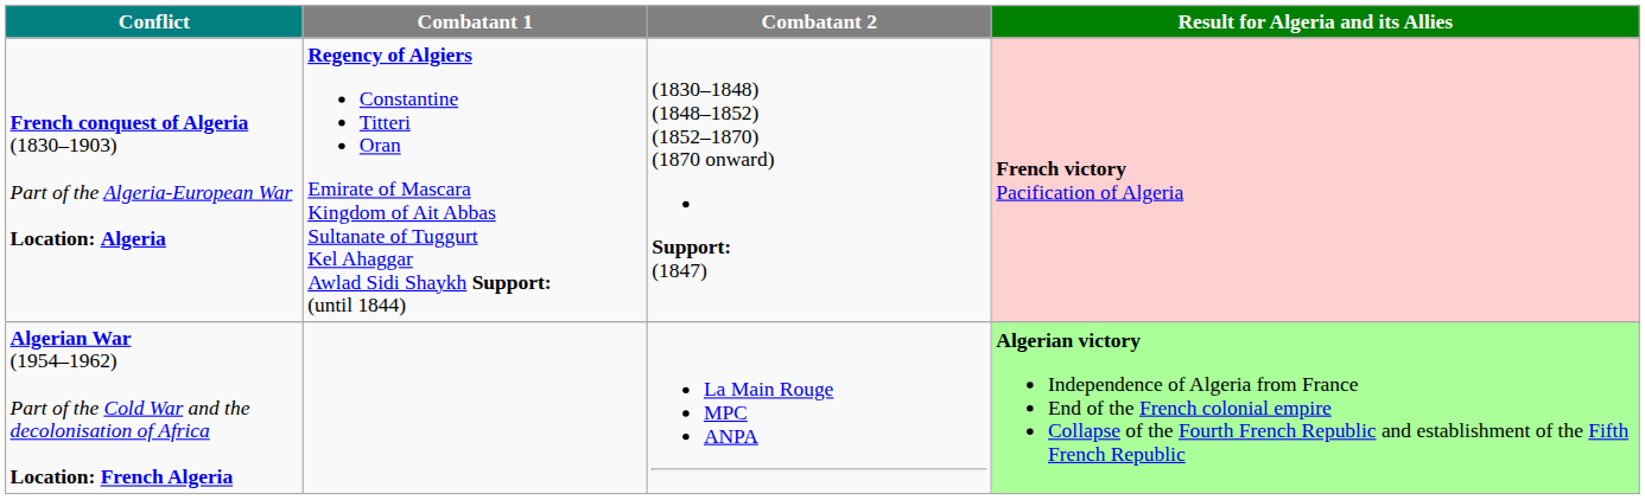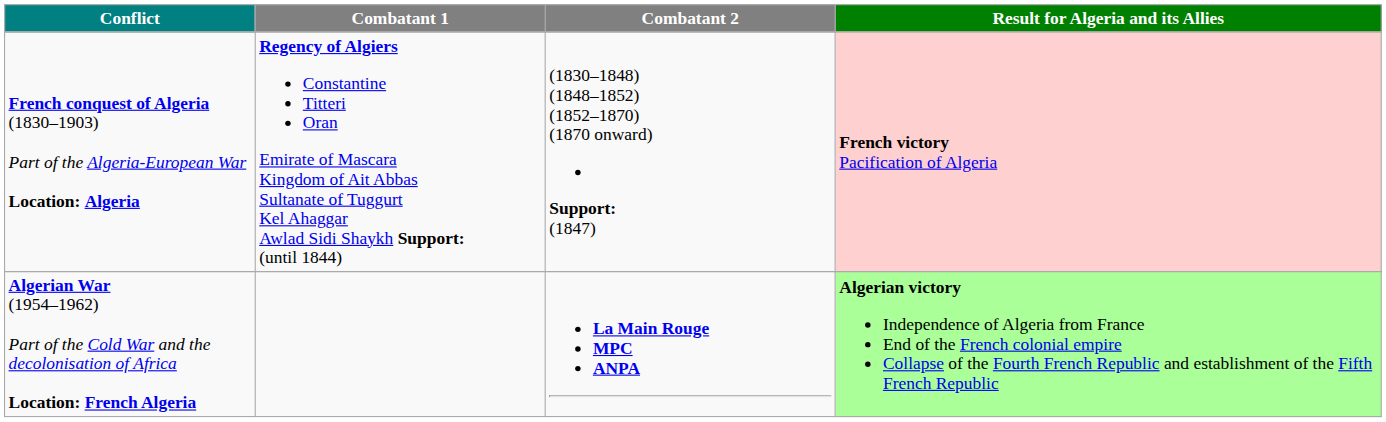 <table class="wikitable sortable" width="100%">
 <tr style="color: white">
 <th style="background:Teal" width="120">Conflict</th>
 <th style="background:gray" width="140">Combatant 1</th>
 <th style="background:gray" width="140">Combatant 2</th>
 <th style="background:green" width="270">Result for Algeria and its Allies</th>
 </tr>
 <tr valign="top">
 </tr>
 <tr>
 <td><strong><a href='#'>French conquest of Algeria</a></strong><br>(1830–1903)<br><br><em>Part of the <a href='#'>Algeria-European War</a></em><br><br><strong>Location:</strong> <strong><a href='#'>Algeria</a></strong><br></td>
 <td><strong> <a href='#'>Regency of Algiers</a></strong><br><ul><li> <a href='#'>Constantine</a></li><li><a href='#'>Titteri</a></li><li><a href='#'>Oran</a></li></ul> <a href='#'>Emirate of Mascara</a><br>  <a href='#'>Kingdom of Ait Abbas</a><br> <a href='#'>Sultanate of Tuggurt</a><br><a href='#'>Kel Ahaggar</a><br> <a href='#'>Awlad Sidi Shaykh</a> <strong>Support:</strong><br> (until 1844)</td>
 <td> (1830–1848)<br> (1848–1852)<br> (1852–1870)<br> (1870 onward)<br><ul><li></li></ul><strong>Support:</strong><br> (1847)</td>
 <td style="Background:#FFD0D0"><strong>French victory</strong><br><a href='#'>Pacification of Algeria</a><br></td>
 </tr>
 <tr valign=top>
 </tr>
 <tr>
 <td><strong><a href='#'>Algerian War</a></strong><br>(1954–1962)<br><br><em>Part of the <a href='#'>Cold War</a> and the <a href='#'>decolonisation of Africa</a></em><br><br><strong>Location:</strong> <strong><a href='#'>French Algeria</a></strong><br></td>
 <td></td>
-<td><br><ul><li><a href='#'>La Main Rouge</a></li><li><a href='#'>MPC</a></li><li><a href='#'>ANPA</a></li></ul><hr> </td>
+<td><strong><br><ul><li><a href='#'>La Main Rouge</a></li><li><a href='#'>MPC</a></li><li><a href='#'>ANPA</a></li></ul><hr> </strong></td>
 <td style="Background:#AF9"><strong>Algerian victory</strong><br><ul><li>Independence of Algeria from France</li><li>End of the <a href='#'>French colonial empire</a></li><li><a href='#'>Collapse</a> of the <a href='#'>Fourth French Republic</a> and establishment of the <a href='#'>Fifth French Republic</a></li></ul></td>
 </tr>
 </table>
